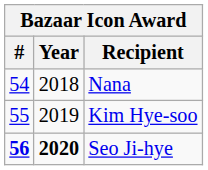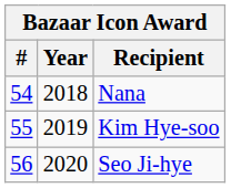 <table class="wikitable collapsible collapsed">
 <tr>
 <th colspan="3">Bazaar Icon Award</th>
 </tr>
 <tr>
 <th>#</th>
 <th>Year</th>
 <th>Recipient</th>
 </tr>
 <tr>
 <td><a href='#'>54</a></td>
 <td>2018</td>
 <td><a href='#'>Nana</a></td>
 </tr>
 <tr>
 <td><a href='#'>55</a></td>
 <td>2019</td>
 <td><a href='#'>Kim Hye-soo</a></td>
 </tr>
 <tr>
-<td><strong><a href='#'>56</a></strong></td>
-<td><strong>2020</strong></td>
+<td><a href='#'>56</a></td>
+<td>2020</td>
 <td><a href='#'>Seo Ji-hye</a></td>
 </tr>
 </table>
